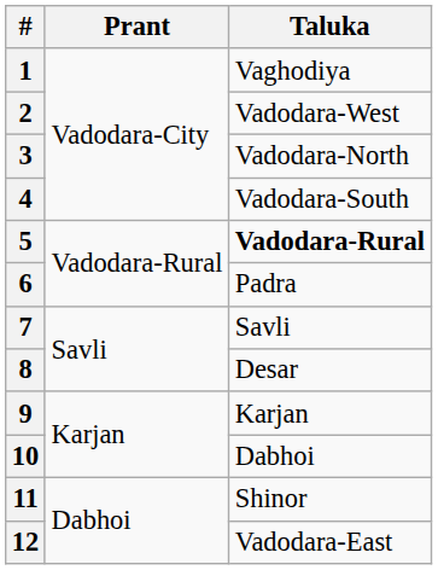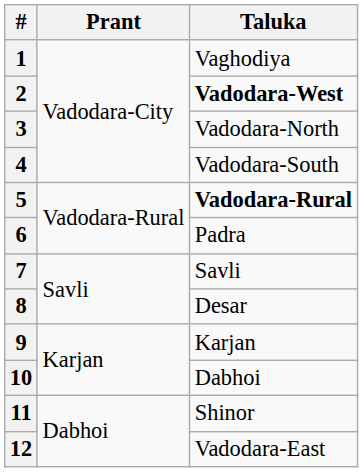 <table class="wikitable sortable">
 <tr>
 <th>#</th>
 <th>Prant</th>
 <th>Taluka</th>
 </tr>
 <tr>
 <th>1</th>
 <td rowspan=4>Vadodara-City</td>
 <td>Vaghodiya</td>
 </tr>
 <tr>
 <th>2</th>
-<td>Vadodara-West</td>
+<td><strong>Vadodara-West</strong></td>
 </tr>
 <tr>
 <th>3</th>
 <td>Vadodara-North</td>
 </tr>
 <tr>
 <th>4</th>
 <td>Vadodara-South</td>
 </tr>
 <tr>
 <th>5</th>
 <td rowspan=2>Vadodara-Rural</td>
 <td><strong>Vadodara-Rural</strong></td>
 </tr>
 <tr>
 <th>6</th>
 <td>Padra</td>
 </tr>
 <tr>
 <th>7</th>
 <td rowspan=2>Savli</td>
 <td>Savli</td>
 </tr>
 <tr>
 <th>8</th>
 <td>Desar</td>
 </tr>
 <tr>
 <th>9</th>
 <td rowspan=2>Karjan</td>
 <td>Karjan</td>
 </tr>
 <tr>
 <th>10</th>
 <td>Dabhoi</td>
 </tr>
 <tr>
 <th>11</th>
 <td rowspan=2>Dabhoi</td>
 <td>Shinor</td>
 </tr>
 <tr>
 <th>12</th>
 <td>Vadodara-East</td>
 </tr>
 </table>
